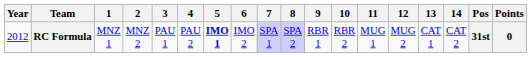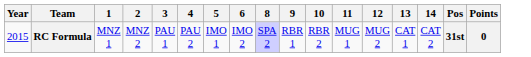 <table class="wikitable" style="text-align:center; font-size:85%">
 <tr>
 <th>Year</th>
 <th>Team</th>
 <th>1</th>
 <th>2</th>
 <th>3</th>
 <th>4</th>
 <th>5</th>
 <th>6</th>
-<th>7</th>
 <th>8</th>
 <th>9</th>
 <th>10</th>
 <th>11</th>
 <th>12</th>
 <th>13</th>
 <th>14</th>
 <th>Pos</th>
 <th>Points</th>
 </tr>
 <tr>
-<td><a href='#'>2012</a></td>
+<td><a href='#'>2015</a></td>
 <th nowrap>RC Formula</th>
 <td style="background:#;"><a href='#'>MNZ<br>1</a></td>
 <td style="background:#;"><a href='#'>MNZ<br>2</a></td>
 <td style="background:#;"><a href='#'>PAU<br>1</a></td>
 <td style="background:#;"><a href='#'>PAU<br>2</a></td>
-<td style="background:#;"><strong><a href='#'>IMO<br>1</a></strong></td>
+<td style="background:#;"><a href='#'>IMO<br>1</a></td>
 <td style="background:#;"><a href='#'>IMO<br>2</a></td>
-<td style="background:#CFCFFF;"><a href='#'>SPA<br>1</a><br></td>
 <td style="background:#CFCFFF;"><a href='#'>SPA<br>2</a><br></td>
 <td style="background:#;"><a href='#'>RBR<br>1</a></td>
 <td style="background:#;"><a href='#'>RBR<br>2</a></td>
 <td style="background:#;"><a href='#'>MUG<br>1</a></td>
 <td style="background:#;"><a href='#'>MUG<br>2</a></td>
 <td style="background:#;"><a href='#'>CAT<br>1</a></td>
 <td style="background:#;"><a href='#'>CAT<br>2</a></td>
 <th>31st</th>
 <th>0</th>
 </tr>
 </table>
